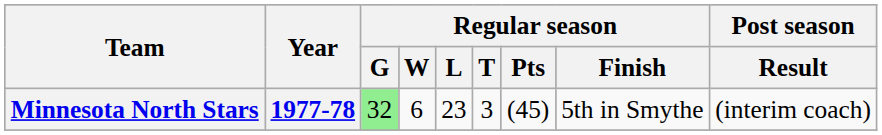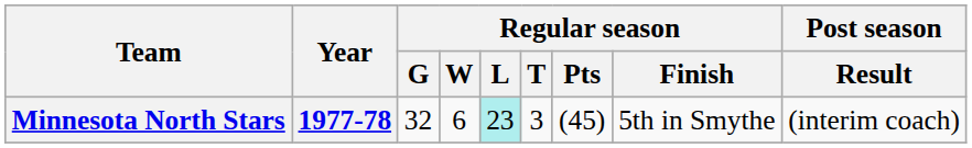 <table class="wikitable" style="font-size: 95%; text-align:center;">
 <tr>
 <th rowspan="2">Team</th>
 <th rowspan="2">Year</th>
 <th colspan="6">Regular season</th>
 <th colspan="1">Post season</th>
 </tr>
 <tr>
 <th>G</th>
 <th>W</th>
 <th>L</th>
 <th>T</th>
 <th>Pts</th>
 <th>Finish</th>
 <th>Result</th>
 </tr>
 <tr>
 <th><a href='#'>Minnesota North Stars</a></th>
 <th><a href='#'>1977-78</a></th>
-<td style="background: lightgreen;">32</td>
+<td>32</td>
 <td>6</td>
-<td>23</td>
+<td style="background: paleturquoise;">23</td>
 <td>3</td>
 <td>(45)</td>
 <td>5th in Smythe</td>
 <td>(interim coach)</td>
 </tr>
 </table>
